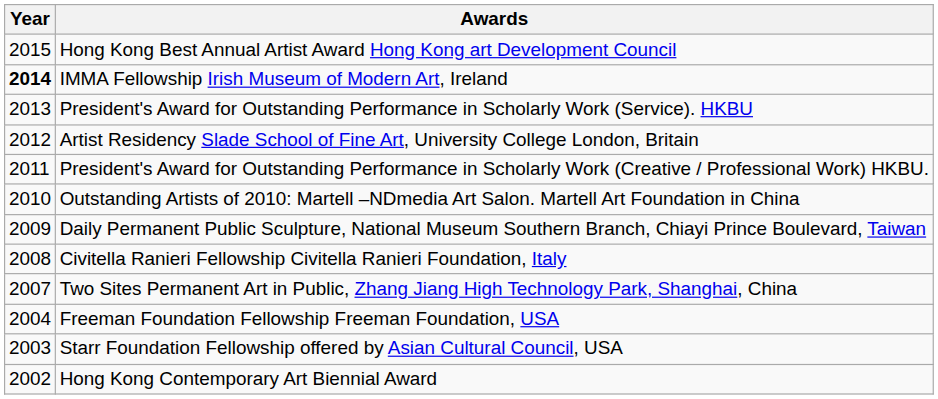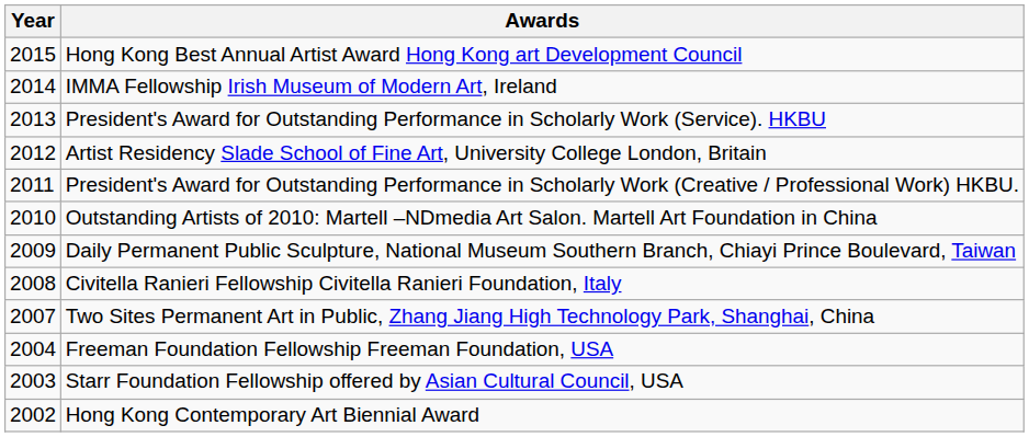 <table class="wikitable">
 <tr>
 <th>Year</th>
 <th>Awards</th>
 </tr>
 <tr>
 <td>2015</td>
 <td>Hong Kong Best Annual Artist Award <a href='#'>Hong Kong art Development Council</a></td>
 </tr>
 <tr>
-<td><strong>2014</strong></td>
+<td>2014</td>
 <td>IMMA Fellowship <a href='#'>Irish Museum of Modern Art</a>, Ireland</td>
 </tr>
 <tr>
 <td>2013</td>
 <td>President's Award for Outstanding Performance in Scholarly Work (Service). <a href='#'>HKBU</a></td>
 </tr>
 <tr>
 <td>2012</td>
 <td>Artist Residency <a href='#'>Slade School of Fine Art</a>, University College London, Britain</td>
 </tr>
 <tr>
 <td>2011</td>
 <td>President's Award for Outstanding Performance in Scholarly Work (Creative / Professional Work) HKBU.</td>
 </tr>
 <tr>
 <td>2010</td>
 <td>Outstanding Artists of 2010: Martell –NDmedia Art Salon. Martell Art Foundation in China</td>
 </tr>
 <tr>
 <td>2009</td>
 <td>Daily Permanent Public Sculpture, National Museum Southern Branch, Chiayi Prince Boulevard, <a href='#'>Taiwan</a></td>
 </tr>
 <tr>
 <td>2008</td>
 <td>Civitella Ranieri Fellowship Civitella Ranieri Foundation, <a href='#'>Italy</a></td>
 </tr>
 <tr>
 <td>2007</td>
 <td>Two Sites Permanent Art in Public, <a href='#'>Zhang Jiang High Technology Park, Shanghai</a>, China</td>
 </tr>
 <tr>
 <td>2004</td>
 <td>Freeman Foundation Fellowship Freeman Foundation, <a href='#'>USA</a></td>
 </tr>
 <tr>
 <td>2003</td>
 <td>Starr Foundation Fellowship offered by <a href='#'>Asian Cultural Council</a>, USA</td>
 </tr>
 <tr>
 <td>2002</td>
 <td>Hong Kong Contemporary Art Biennial Award</td>
 </tr>
 </table>
